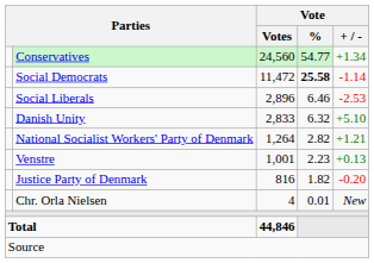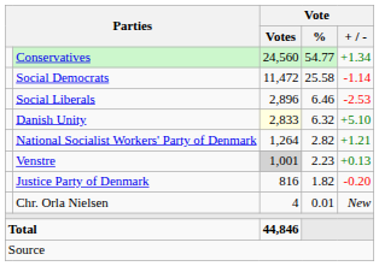 <table class="wikitable" style="text-align:right;">
 <tr>
 <th style="text-align:centre;" rowspan="2" colspan="2" width="225">Parties</th>
 <th colspan="3">Vote</th>
 </tr>
 <tr>
 <th width="15">Votes</th>
 <th width="15">%</th>
 <th width="15">+ / -</th>
 </tr>
 <tr>
 <td width="2" style="color:inherit;background:"></td>
 <td bgcolor=#ccf7cc  align="left"><a href='#'>Conservatives</a></td>
 <td bgcolor=#ccf7cc>24,560</td>
 <td bgcolor=#ccf7cc>54.77</td>
 <td style=color:green;>+1.34</td>
 </tr>
 <tr>
 <td width="2" style="color:inherit;background:"></td>
 <td align="left"><a href='#'>Social Democrats</a></td>
 <td>11,472</td>
-<td><strong>25.58</strong></td>
+<td>25.58</td>
 <td style=color:red;>-1.14</td>
 </tr>
 <tr>
 <td width="2" style="color:inherit;background:"></td>
 <td align="left"><a href='#'>Social Liberals</a></td>
 <td>2,896</td>
 <td>6.46</td>
 <td style=color:red;>-2.53</td>
 </tr>
 <tr>
 <td width="2" style="color:inherit;background:"></td>
 <td align="left"><a href='#'>Danish Unity</a></td>
-<td>2,833</td>
+<td style="background: lightyellow;">2,833</td>
 <td>6.32</td>
 <td style=color:green;>+5.10</td>
 </tr>
 <tr>
 <td width="2" style="color:inherit;background:"></td>
 <td align="left"><a href='#'>National Socialist Workers' Party of Denmark</a></td>
 <td>1,264</td>
 <td>2.82</td>
 <td style=color:green;>+1.21</td>
 </tr>
 <tr>
 <td width="2" style="color:inherit;background:"></td>
 <td align="left"><a href='#'>Venstre</a></td>
-<td>1,001</td>
+<td style="background: lightgrey;">1,001</td>
 <td>2.23</td>
 <td style=color:green;>+0.13</td>
 </tr>
 <tr>
 <td width="2" style="color:inherit;background:"></td>
 <td align="left"><a href='#'>Justice Party of Denmark</a></td>
 <td>816</td>
 <td>1.82</td>
 <td style=color:red;>-0.20</td>
 </tr>
 <tr>
 <td width="2" style="color:inherit;background:"></td>
 <td align="left">Chr. Orla Nielsen</td>
 <td>4</td>
 <td>0.01</td>
 <td><em>New</em></td>
 </tr>
 <tr>
 <td colspan="7" bgcolor="#E9E9E9"></td>
 </tr>
 <tr>
 <td align="left" colspan="2"><strong>Total</strong></td>
 <td><strong>44,846</strong></td>
 <td bgcolor="#E9E9E9" colspan="2"></td>
 </tr>
 <tr>
 <td align="left" colspan="6">Source</td>
 </tr>
 </table>
